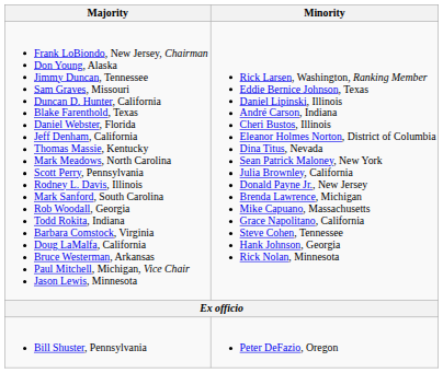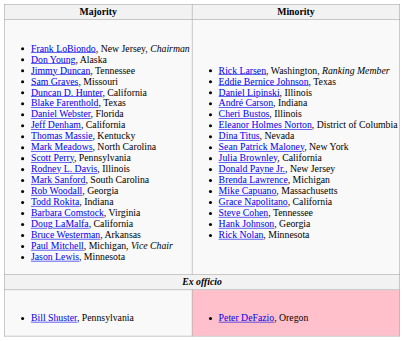 <table class=wikitable>
 <tr>
 <th>Majority</th>
 <th>Minority</th>
 </tr>
 <tr>
 <td><br><ul><li><a href='#'>Frank LoBiondo</a>, New Jersey, <em>Chairman</em></li><li><a href='#'>Don Young</a>, Alaska</li><li><a href='#'>Jimmy Duncan</a>, Tennessee</li><li><a href='#'>Sam Graves</a>, Missouri</li><li><a href='#'>Duncan D. Hunter</a>, California</li><li><a href='#'>Blake Farenthold</a>, Texas</li><li><a href='#'>Daniel Webster</a>, Florida</li><li><a href='#'>Jeff Denham</a>, California</li><li><a href='#'>Thomas Massie</a>, Kentucky</li><li><a href='#'>Mark Meadows</a>, North Carolina</li><li><a href='#'>Scott Perry</a>, Pennsylvania</li><li><a href='#'>Rodney L. Davis</a>, Illinois</li><li><a href='#'>Mark Sanford</a>, South Carolina</li><li><a href='#'>Rob Woodall</a>, Georgia</li><li><a href='#'>Todd Rokita</a>, Indiana</li><li><a href='#'>Barbara Comstock</a>, Virginia</li><li><a href='#'>Doug LaMalfa</a>, California</li><li><a href='#'>Bruce Westerman</a>, Arkansas</li><li><a href='#'>Paul Mitchell</a>, Michigan, <em>Vice Chair</em></li><li><a href='#'>Jason Lewis</a>, Minnesota</li></ul></td>
 <td><br><ul><li><a href='#'>Rick Larsen</a>, Washington, <em>Ranking Member</em></li><li><a href='#'>Eddie Bernice Johnson</a>, Texas</li><li><a href='#'>Daniel Lipinski</a>, Illinois</li><li><a href='#'>André Carson</a>, Indiana</li><li><a href='#'>Cheri Bustos</a>, Illinois</li><li><a href='#'>Eleanor Holmes Norton</a>, District of Columbia</li><li><a href='#'>Dina Titus</a>, Nevada</li><li><a href='#'>Sean Patrick Maloney</a>, New York</li><li><a href='#'>Julia Brownley</a>, California</li><li><a href='#'>Donald Payne Jr.</a>, New Jersey</li><li><a href='#'>Brenda Lawrence</a>, Michigan</li><li><a href='#'>Mike Capuano</a>, Massachusetts</li><li><a href='#'>Grace Napolitano</a>, California</li><li><a href='#'>Steve Cohen</a>, Tennessee</li><li><a href='#'>Hank Johnson</a>, Georgia</li><li><a href='#'>Rick Nolan</a>, Minnesota</li></ul></td>
 </tr>
 <tr>
 <th colspan=2><em>Ex officio</em></th>
 </tr>
 <tr>
 <td><br><ul><li><a href='#'>Bill Shuster</a>, Pennsylvania</li></ul></td>
-<td><br><ul><li><a href='#'>Peter DeFazio</a>, Oregon</li></ul></td>
+<td style="background: pink;"><br><ul><li><a href='#'>Peter DeFazio</a>, Oregon</li></ul></td>
 </tr>
 </table>
